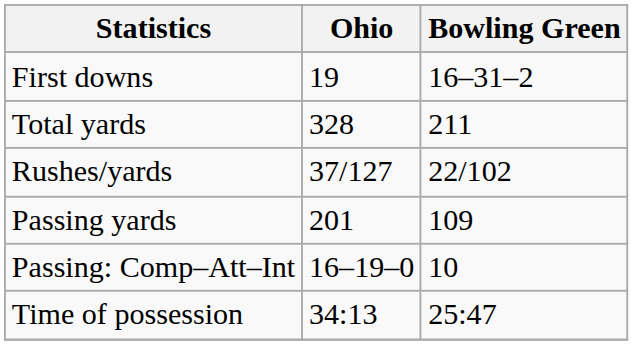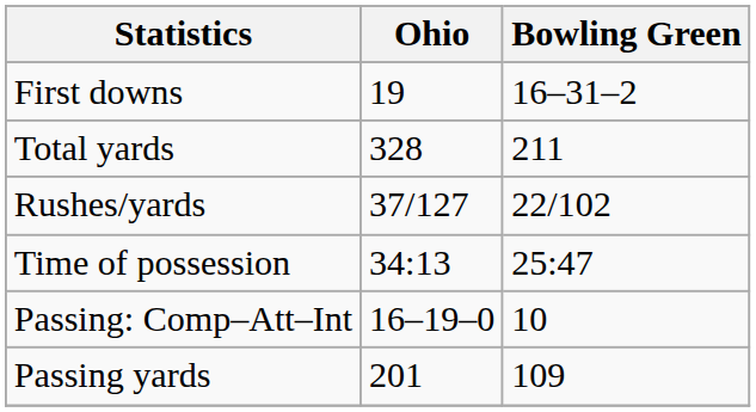 <table class="wikitable" style="float: left;">
 <tr>
 <th>Statistics</th>
 <th>Ohio</th>
 <th>Bowling Green</th>
 </tr>
 <tr>
 <td>First downs</td>
 <td>19</td>
 <td>16–31–2</td>
 </tr>
 <tr>
 <td>Total yards</td>
 <td>328</td>
 <td>211</td>
 </tr>
 <tr>
 <td>Rushes/yards</td>
 <td>37/127</td>
 <td>22/102</td>
 </tr>
 <tr>
-<td>Passing yards</td>
-<td>201</td>
-<td>109</td>
+<td>Time of possession</td>
+<td>34:13</td>
+<td>25:47</td>
 </tr>
 <tr>
 <td>Passing: Comp–Att–Int</td>
 <td>16–19–0</td>
 <td>10</td>
 </tr>
 <tr>
-<td>Time of possession</td>
-<td>34:13</td>
-<td>25:47</td>
+<td>Passing yards</td>
+<td>201</td>
+<td>109</td>
 </tr>
 <tr>
 </tr>
 </table>
